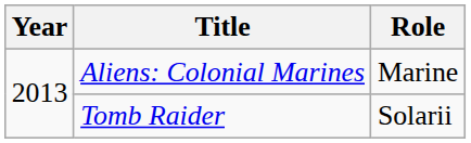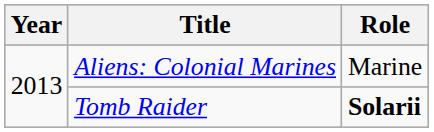 <table class="wikitable sortable">
 <tr>
 <th>Year</th>
 <th>Title</th>
 <th>Role</th>
 </tr>
 <tr>
 <td rowspan="2">2013</td>
 <td><em><a href='#'>Aliens: Colonial Marines</a></em></td>
 <td>Marine</td>
 </tr>
 <tr>
 <td><a href='#'><em>Tomb Raider</em></a></td>
-<td>Solarii</td>
+<td><strong>Solarii</strong></td>
 </tr>
 </table>
